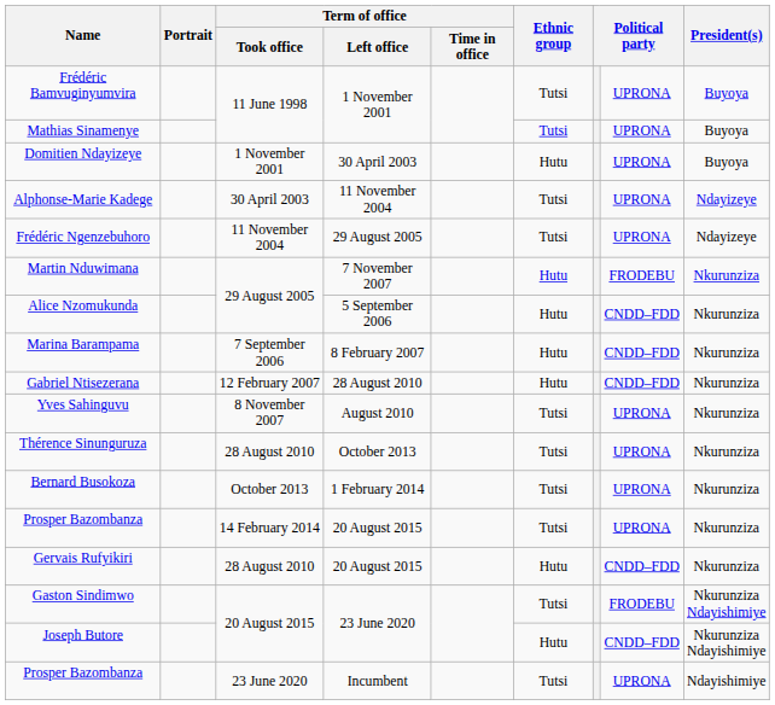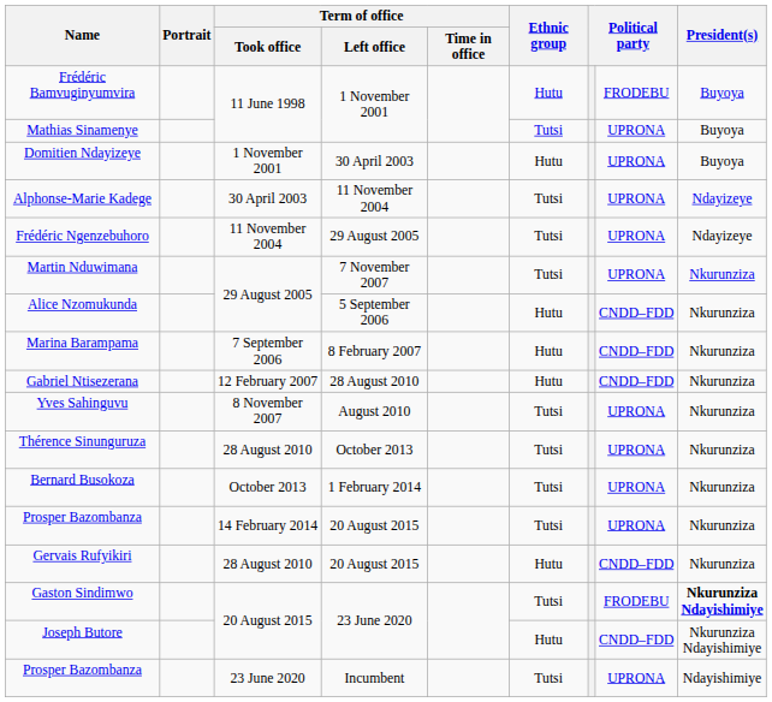 <table class="wikitable" style="text-align:center">
 <tr>
 <th rowspan=2>Name<br></th>
 <th rowspan=2>Portrait</th>
 <th colspan=3>Term of office</th>
 <th rowspan=2><a href='#'>Ethnic group</a></th>
 <th rowspan=2 colspan=2><a href='#'>Political party</a></th>
 <th rowspan=2><a href='#'>President(s)</a></th>
 </tr>
 <tr>
 <th>Took office</th>
 <th>Left office</th>
 <th>Time in office</th>
 </tr>
 <tr>
 <td><a href='#'>Frédéric Bamvuginyumvira</a><br><br></td>
 <td></td>
 <td rowspan=2>11 June 1998</td>
 <td rowspan=2>1 November 2001</td>
 <td rowspan=2></td>
-<td>Tutsi</td>
+<td><a href='#'>Hutu</a></td>
 <th style="background: "></th>
-<td><a href='#'>UPRONA</a></td>
+<td><a href='#'>FRODEBU</a></td>
 <td><a href='#'>Buyoya</a></td>
 </tr>
 <tr>
 <td><a href='#'>Mathias Sinamenye</a><br></td>
 <td></td>
 <td><a href='#'>Tutsi</a></td>
 <th style="background: "></th>
 <td><a href='#'>UPRONA</a></td>
 <td>Buyoya</td>
 </tr>
 <tr>
 <td><a href='#'>Domitien Ndayizeye</a><br><br></td>
 <td></td>
 <td>1 November 2001</td>
 <td>30 April 2003</td>
 <td></td>
 <td>Hutu</td>
 <th style="background: "></th>
 <td><a href='#'>UPRONA</a></td>
 <td>Buyoya</td>
 </tr>
 <tr>
 <td><a href='#'>Alphonse-Marie Kadege</a><br></td>
 <td></td>
 <td>30 April 2003</td>
 <td>11 November 2004</td>
 <td></td>
 <td>Tutsi</td>
 <th style="background: "></th>
 <td><a href='#'>UPRONA</a></td>
 <td><a href='#'>Ndayizeye</a></td>
 </tr>
 <tr>
 <td><a href='#'>Frédéric Ngenzebuhoro</a><br></td>
 <td></td>
 <td>11 November 2004</td>
 <td>29 August 2005</td>
 <td></td>
 <td>Tutsi</td>
 <th style="background: "></th>
 <td><a href='#'>UPRONA</a></td>
 <td>Ndayizeye</td>
 </tr>
 <tr>
 <td><a href='#'>Martin Nduwimana</a><br><br></td>
 <td></td>
 <td rowspan=2>29 August 2005</td>
 <td>7 November 2007</td>
 <td></td>
-<td><a href='#'>Hutu</a></td>
+<td>Tutsi</td>
 <th style="background: "></th>
-<td><a href='#'>FRODEBU</a></td>
+<td><a href='#'>UPRONA</a></td>
 <td><a href='#'>Nkurunziza</a></td>
 </tr>
 <tr>
 <td><a href='#'>Alice Nzomukunda</a><br><br></td>
 <td></td>
 <td>5 September 2006</td>
 <td></td>
 <td>Hutu</td>
 <th style="background: "></th>
 <td><a href='#'>CNDD–FDD</a></td>
 <td>Nkurunziza</td>
 </tr>
 <tr>
 <td><a href='#'>Marina Barampama</a><br><br></td>
 <td></td>
 <td>7 September 2006</td>
 <td>8 February 2007</td>
 <td></td>
 <td>Hutu</td>
 <th style="background: "></th>
 <td><a href='#'>CNDD–FDD</a></td>
 <td>Nkurunziza</td>
 </tr>
 <tr>
 <td><a href='#'>Gabriel Ntisezerana</a><br></td>
 <td></td>
 <td>12 February 2007</td>
 <td>28 August 2010</td>
 <td></td>
 <td>Hutu</td>
 <th style="background: "></th>
 <td><a href='#'>CNDD–FDD</a></td>
 <td>Nkurunziza</td>
 </tr>
 <tr>
 <td><a href='#'>Yves Sahinguvu</a><br><br></td>
 <td></td>
 <td>8 November 2007</td>
 <td>August 2010</td>
 <td></td>
 <td>Tutsi</td>
 <th style="background: "></th>
 <td><a href='#'>UPRONA</a></td>
 <td>Nkurunziza</td>
 </tr>
 <tr>
 <td><a href='#'>Thérence Sinunguruza</a><br><br></td>
 <td></td>
 <td>28 August 2010</td>
 <td>October 2013</td>
 <td></td>
 <td>Tutsi</td>
 <th style="background: "></th>
 <td><a href='#'>UPRONA</a></td>
 <td>Nkurunziza</td>
 </tr>
 <tr>
 <td><a href='#'>Bernard Busokoza</a><br><br></td>
 <td></td>
 <td>October 2013</td>
 <td>1 February 2014</td>
 <td></td>
 <td>Tutsi</td>
 <th style="background: "></th>
 <td><a href='#'>UPRONA</a></td>
 <td>Nkurunziza</td>
 </tr>
 <tr>
 <td><a href='#'>Prosper Bazombanza</a><br><br></td>
 <td></td>
 <td>14 February 2014</td>
 <td>20 August 2015</td>
 <td></td>
 <td>Tutsi</td>
 <th style="background: "></th>
 <td><a href='#'>UPRONA</a></td>
 <td>Nkurunziza</td>
 </tr>
 <tr>
 <td><a href='#'>Gervais Rufyikiri</a><br><br></td>
 <td></td>
 <td>28 August 2010</td>
 <td>20 August 2015</td>
 <td></td>
 <td>Hutu</td>
 <th style="background: "></th>
 <td><a href='#'>CNDD–FDD</a></td>
 <td>Nkurunziza</td>
 </tr>
 <tr>
 <td><a href='#'>Gaston Sindimwo</a><br><br></td>
 <td></td>
 <td rowspan=2>20 August 2015</td>
 <td rowspan=2>23 June 2020</td>
 <td rowspan=2></td>
 <td>Tutsi</td>
 <th style="background: "></th>
 <td><a href='#'>FRODEBU</a></td>
-<td>Nkurunziza<br><a href='#'>Ndayishimiye</a></td>
+<td><strong>Nkurunziza<br><a href='#'>Ndayishimiye</a></strong></td>
 </tr>
 <tr>
 <td><a href='#'>Joseph Butore</a><br><br></td>
 <td></td>
 <td>Hutu</td>
 <th style="background: "></th>
 <td><a href='#'>CNDD–FDD</a></td>
 <td>Nkurunziza<br>Ndayishimiye</td>
 </tr>
 <tr>
 <td><a href='#'>Prosper Bazombanza</a><br><br></td>
 <td></td>
 <td>23 June 2020</td>
 <td>Incumbent</td>
 <td></td>
 <td>Tutsi</td>
 <th style="background: "></th>
 <td><a href='#'>UPRONA</a></td>
 <td>Ndayishimiye</td>
 </tr>
 </table>
